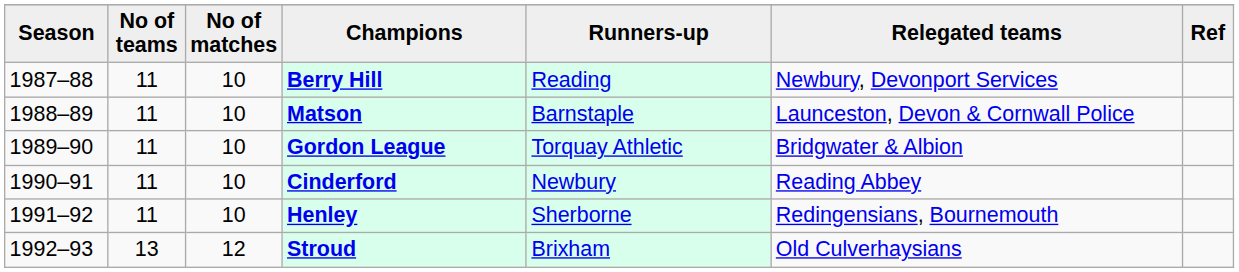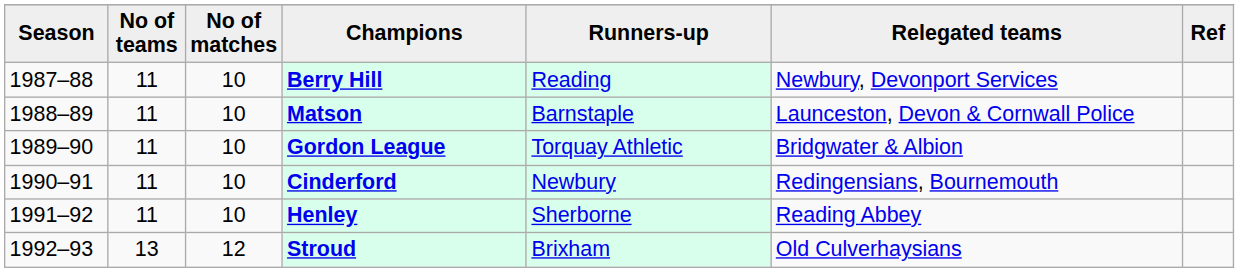 <table class="wikitable">
 <tr>
 </tr>
 <tr>
 <th style="background:#efefef; width:70px;">Season</th>
 <th style="background:#efefef; width:50px;">No of teams</th>
 <th style="background:#efefef; width:50px;">No of matches</th>
 <th style="background:#efefef; width:175px;">Champions</th>
 <th style="background:#efefef; width:175px;">Runners-up</th>
 <th style="background:#efefef; width:300px;">Relegated teams</th>
 <th style="background:#efefef; width:30px;">Ref</th>
 </tr>
 <tr align=left>
 <td>1987–88</td>
 <td style="text-align: center;">11</td>
 <td style="text-align: center;">10</td>
 <td style="background:#d8ffeb;"><strong><a href='#'>Berry Hill</a></strong></td>
 <td style="background:#d8ffeb;"><a href='#'>Reading</a></td>
 <td><a href='#'>Newbury</a>, <a href='#'>Devonport Services</a></td>
 <td></td>
 </tr>
 <tr>
 <td>1988–89</td>
 <td style="text-align: center;">11</td>
 <td style="text-align: center;">10</td>
 <td style="background:#d8ffeb;"><strong><a href='#'>Matson</a></strong></td>
 <td style="background:#d8ffeb;"><a href='#'>Barnstaple</a></td>
 <td><a href='#'>Launceston</a>, <a href='#'>Devon & Cornwall Police</a></td>
 <td></td>
 </tr>
 <tr>
 <td>1989–90</td>
 <td style="text-align: center;">11</td>
 <td style="text-align: center;">10</td>
 <td style="background:#d8ffeb;"><strong><a href='#'>Gordon League</a></strong></td>
 <td style="background:#d8ffeb;"><a href='#'>Torquay Athletic</a></td>
 <td><a href='#'>Bridgwater & Albion</a></td>
 <td></td>
 </tr>
 <tr>
 <td>1990–91</td>
 <td style="text-align: center;">11</td>
 <td style="text-align: center;">10</td>
 <td style="background:#d8ffeb;"><strong><a href='#'>Cinderford</a></strong></td>
 <td style="background:#d8ffeb;"><a href='#'>Newbury</a></td>
-<td><a href='#'>Reading Abbey</a></td>
+<td><a href='#'>Redingensians</a>, <a href='#'>Bournemouth</a></td>
 <td></td>
 </tr>
 <tr>
 <td>1991–92</td>
 <td style="text-align: center;">11</td>
 <td style="text-align: center;">10</td>
 <td style="background:#d8ffeb;"><strong><a href='#'>Henley</a></strong></td>
 <td style="background:#d8ffeb;"><a href='#'>Sherborne</a></td>
-<td><a href='#'>Redingensians</a>, <a href='#'>Bournemouth</a></td>
+<td><a href='#'>Reading Abbey</a></td>
 <td></td>
 </tr>
 <tr>
 <td>1992–93</td>
 <td style="text-align: center;">13</td>
 <td style="text-align: center;">12</td>
 <td style="background:#d8ffeb;"><strong><a href='#'>Stroud</a></strong></td>
 <td style="background:#d8ffeb;"><a href='#'>Brixham</a></td>
 <td><a href='#'>Old Culverhaysians</a></td>
 <td></td>
 </tr>
 </table>
